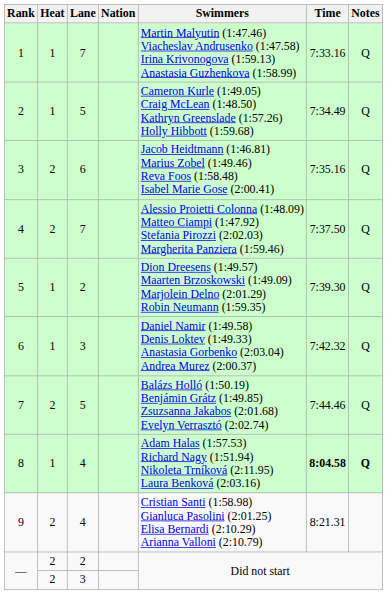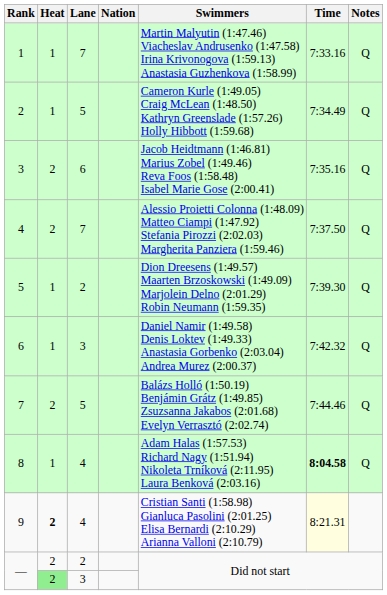 <table class="wikitable sortable" style="text-align:center">
 <tr>
 <th>Rank</th>
 <th>Heat</th>
 <th>Lane</th>
 <th>Nation</th>
 <th>Swimmers</th>
 <th>Time</th>
 <th>Notes</th>
 </tr>
 <tr bgcolor=ccffcc>
 <td>1</td>
 <td>1</td>
 <td>7</td>
 <td align=left></td>
 <td align=left><a href='#'>Martin Malyutin</a> (1:47.46)<br><a href='#'>Viacheslav Andrusenko</a> (1:47.58)<br><a href='#'>Irina Krivonogova</a> (1:59.13)<br><a href='#'>Anastasia Guzhenkova</a> (1:58.99)</td>
 <td>7:33.16</td>
 <td>Q</td>
 </tr>
 <tr bgcolor=ccffcc>
 <td>2</td>
 <td>1</td>
 <td>5</td>
 <td align=left></td>
 <td align=left><a href='#'>Cameron Kurle</a> (1:49.05)<br><a href='#'>Craig McLean</a> (1:48.50)<br><a href='#'>Kathryn Greenslade</a> (1:57.26)<br><a href='#'>Holly Hibbott</a> (1:59.68)</td>
 <td>7:34.49</td>
 <td>Q</td>
 </tr>
 <tr bgcolor=ccffcc>
 <td>3</td>
 <td>2</td>
 <td>6</td>
 <td align=left></td>
 <td align=left><a href='#'>Jacob Heidtmann</a> (1:46.81)<br><a href='#'>Marius Zobel</a> (1:49.46)<br><a href='#'>Reva Foos</a> (1:58.48)<br><a href='#'>Isabel Marie Gose</a> (2:00.41)</td>
 <td>7:35.16</td>
 <td>Q</td>
 </tr>
 <tr bgcolor=ccffcc>
 <td>4</td>
 <td>2</td>
 <td>7</td>
 <td align=left></td>
 <td align=left><a href='#'>Alessio Proietti Colonna</a> (1:48.09)<br><a href='#'>Matteo Ciampi</a> (1:47.92)<br><a href='#'>Stefania Pirozzi</a> (2:02.03)<br><a href='#'>Margherita Panziera</a> (1:59.46)</td>
 <td>7:37.50</td>
 <td>Q</td>
 </tr>
 <tr bgcolor=ccffcc>
 <td>5</td>
 <td>1</td>
 <td>2</td>
 <td align=left></td>
 <td align=left><a href='#'>Dion Dreesens</a> (1:49.57)<br><a href='#'>Maarten Brzoskowski</a> (1:49.09)<br><a href='#'>Marjolein Delno</a> (2:01.29)<br><a href='#'>Robin Neumann</a> (1:59.35)</td>
 <td>7:39.30</td>
 <td>Q</td>
 </tr>
 <tr bgcolor=ccffcc>
 <td>6</td>
 <td>1</td>
 <td>3</td>
 <td align=left></td>
 <td align=left><a href='#'>Daniel Namir</a> (1:49.58)<br><a href='#'>Denis Loktev</a> (1:49.33)<br><a href='#'>Anastasia Gorbenko</a> (2:03.04)<br><a href='#'>Andrea Murez</a> (2:00.37)</td>
 <td>7:42.32</td>
 <td>Q</td>
 </tr>
 <tr bgcolor=ccffcc>
 <td>7</td>
 <td>2</td>
 <td>5</td>
 <td align=left></td>
 <td align=left><a href='#'>Balázs Holló</a> (1:50.19)<br><a href='#'>Benjámin Grátz</a> (1:49.85)<br><a href='#'>Zsuzsanna Jakabos</a> (2:01.68)<br><a href='#'>Evelyn Verrasztó</a> (2:02.74)</td>
 <td>7:44.46</td>
 <td>Q</td>
 </tr>
 <tr bgcolor=ccffcc>
 <td>8</td>
 <td>1</td>
 <td>4</td>
 <td align=left></td>
 <td align=left><a href='#'>Adam Halas</a> (1:57.53)<br><a href='#'>Richard Nagy</a> (1:51.94)<br><a href='#'>Nikoleta Trníková</a> (2:11.95)<br><a href='#'>Laura Benková</a> (2:03.16)</td>
 <td><strong>8:04.58</strong></td>
-<td><strong>Q</strong></td>
+<td>Q</td>
 </tr>
 <tr>
 <td>9</td>
-<td>2</td>
+<td><strong>2</strong></td>
 <td>4</td>
 <td align=left></td>
 <td align=left><a href='#'>Cristian Santi</a> (1:58.98)<br><a href='#'>Gianluca Pasolini</a> (2:01.25)<br><a href='#'>Elisa Bernardi</a> (2:10.29)<br><a href='#'>Arianna Valloni</a> (2:10.79)</td>
-<td>8:21.31</td>
+<td style="background: lightyellow;">8:21.31</td>
 <td></td>
 </tr>
 <tr>
 <td rowspan=2>—</td>
 <td>2</td>
 <td>2</td>
 <td align=left></td>
 <td colspan=3 rowspan=3>Did not start</td>
 </tr>
 <tr>
-<td>2</td>
+<td style="background: lightgreen;">2</td>
 <td>3</td>
 <td align=left></td>
 </tr>
 </table>
